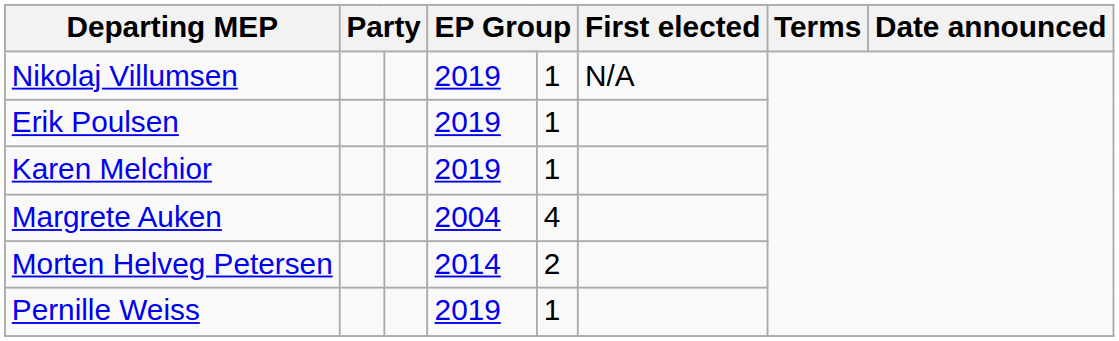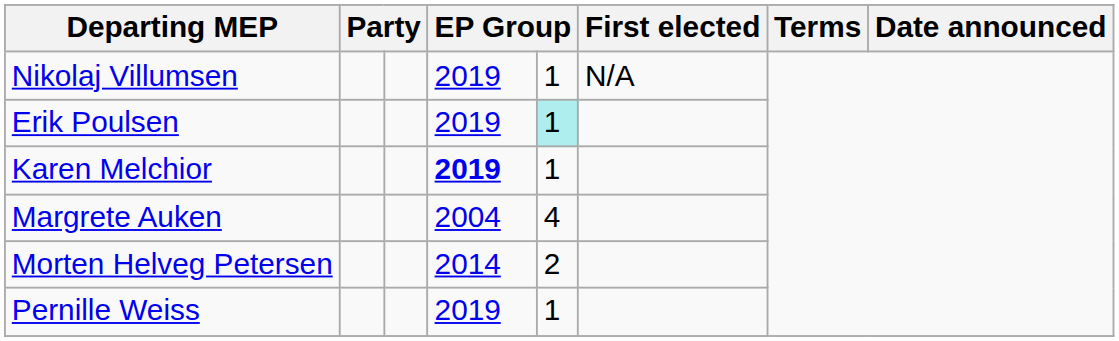 <table class="wikitable sortable">
 <tr>
 <th>Departing MEP</th>
 <th colspan="2">Party</th>
 <th colspan="2">EP Group</th>
 <th>First elected</th>
 <th>Terms</th>
 <th>Date announced</th>
 </tr>
 <tr>
 <td data-sort-value="Villumsen, Nikolaj"><a href='#'>Nikolaj Villumsen</a></td>
 <td></td>
 <td></td>
 <td><a href='#'>2019</a></td>
 <td>1</td>
 <td>N/A</td>
 </tr>
 <tr>
 <td data-sort-value="Poulsen, Erik"><a href='#'>Erik Poulsen</a></td>
 <td></td>
 <td></td>
 <td><a href='#'>2019</a></td>
-<td>1</td>
+<td style="background: paleturquoise;">1</td>
 <td></td>
 </tr>
 <tr>
 <td data-sort-value="Melchior, Karen"><a href='#'>Karen Melchior</a></td>
 <td></td>
 <td></td>
-<td><a href='#'>2019</a></td>
+<td><strong><a href='#'>2019</a></strong></td>
 <td>1</td>
 <td></td>
 </tr>
 <tr>
 <td data-sort-value="Auken, Margrete"><a href='#'>Margrete Auken</a></td>
 <td></td>
 <td></td>
 <td><a href='#'>2004</a></td>
 <td>4</td>
 <td></td>
 </tr>
 <tr>
 <td data-sort-value="Petersen, Morten Helveg"><a href='#'>Morten Helveg Petersen</a></td>
 <td></td>
 <td></td>
 <td><a href='#'>2014</a></td>
 <td>2</td>
 <td></td>
 </tr>
 <tr>
 <td data-sort-value="Weiss, Pernille"><a href='#'>Pernille Weiss</a></td>
 <td></td>
 <td></td>
 <td><a href='#'>2019</a></td>
 <td>1</td>
 <td></td>
 </tr>
 </table>
